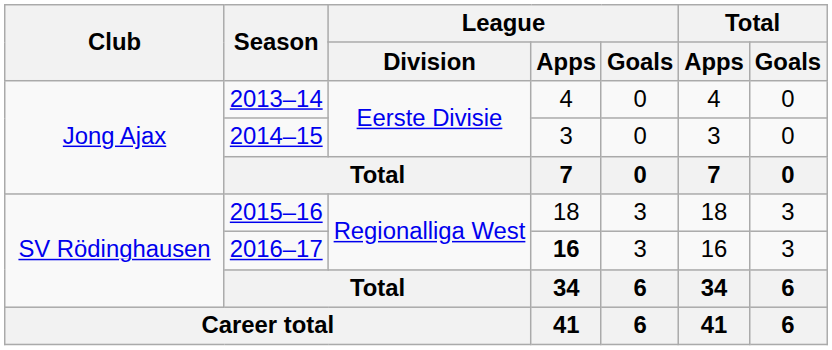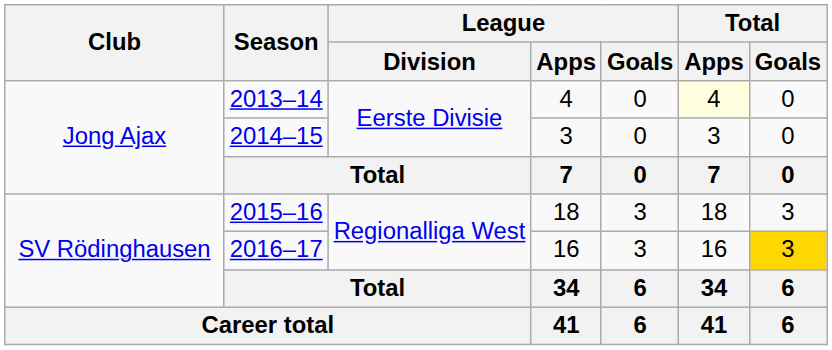 <table class="wikitable" style="text-align:center">
 <tr>
 <th rowspan="2" width="140">Club</th>
 <th rowspan="2">Season</th>
 <th colspan="3">League</th>
 <th colspan="2">Total</th>
 </tr>
 <tr>
 <th>Division</th>
 <th width="40">Apps</th>
 <th width="40">Goals</th>
 <th width="40">Apps</th>
 <th width="40">Goals</th>
 </tr>
 <tr>
 <td rowspan="3"><a href='#'>Jong Ajax</a></td>
 <td><a href='#'>2013–14</a></td>
 <td rowspan="2"><a href='#'>Eerste Divisie</a></td>
 <td>4</td>
 <td>0</td>
-<td>4</td>
+<td style="background: lightyellow;">4</td>
 <td>0</td>
 </tr>
 <tr>
 <td><a href='#'>2014–15</a></td>
 <td>3</td>
 <td>0</td>
 <td>3</td>
 <td>0</td>
 </tr>
 <tr>
 <th colspan="2">Total</th>
 <th>7</th>
 <th>0</th>
 <th>7</th>
 <th>0</th>
 </tr>
 <tr>
 <td rowspan="3"><a href='#'>SV Rödinghausen</a></td>
 <td><a href='#'>2015–16</a></td>
 <td rowspan="2"><a href='#'>Regionalliga West</a></td>
 <td>18</td>
 <td>3</td>
 <td>18</td>
 <td>3</td>
 </tr>
 <tr>
 <td><a href='#'>2016–17</a></td>
-<td><strong>16</strong></td>
+<td>16</td>
 <td>3</td>
 <td>16</td>
-<td>3</td>
+<td style="background: gold;">3</td>
 </tr>
 <tr>
 <th colspan="2">Total</th>
 <th>34</th>
 <th>6</th>
 <th>34</th>
 <th>6</th>
 </tr>
 <tr>
 <th colspan="3">Career total</th>
 <th>41</th>
 <th>6</th>
 <th>41</th>
 <th>6</th>
 </tr>
 </table>
